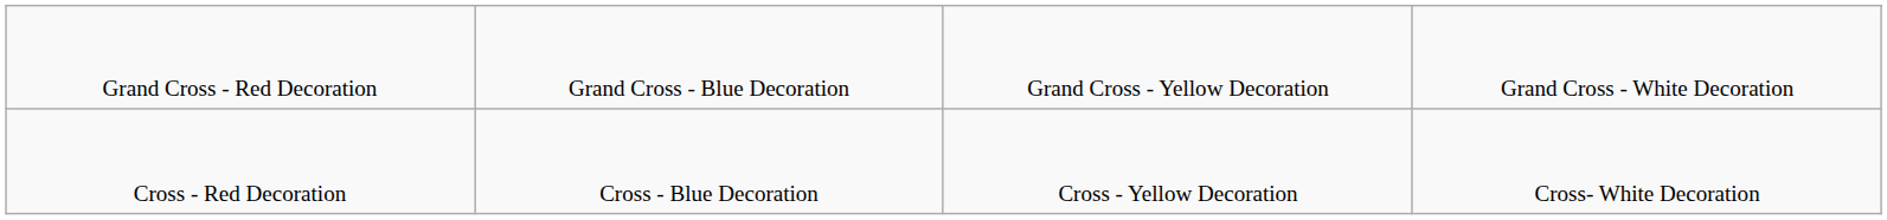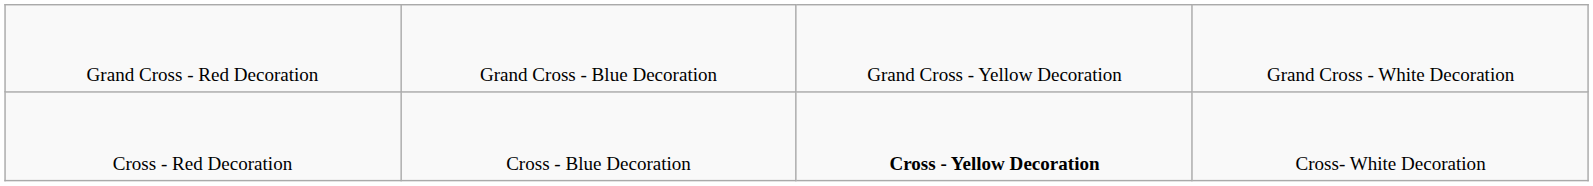 <table align=center class=wikitable width=70% style="margin:1em auto;">
 <tr>
 <td width=20% valign=top align=center><br><br><small>Grand Cross - Red Decoration</small></td>
 <td width=20% valign=top align=center><br><br><small>Grand Cross - Blue Decoration</small></td>
 <td width=20% valign=top align=center><br><br><small>Grand Cross - Yellow Decoration</small></td>
 <td width=20% valign=top align=center><br><br><small>Grand Cross - White Decoration</small></td>
 </tr>
 <tr>
 <td width=20% valign=top align=center><br><br><small>Cross - Red Decoration</small></td>
 <td width=20% valign=top align=center><br><br><small>Cross - Blue Decoration</small></td>
-<td width=20% valign=top align=center><br><br><small>Cross - Yellow Decoration</small></td>
+<td width=20% valign=top align=center><strong><br><br><small>Cross - Yellow Decoration</small></strong></td>
 <td width=20% valign=top align=center><br><br><small>Cross- White Decoration</small></td>
 </tr>
 </table>
